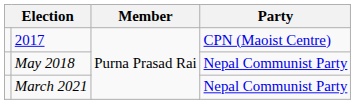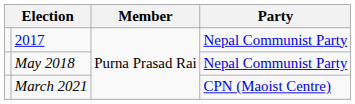 <table class="wikitable">
 <tr>
 <th colspan="2">Election</th>
 <th>Member</th>
 <th>Party</th>
 </tr>
 <tr>
 <td style="background-color:"></td>
 <td><a href='#'>2017</a></td>
 <td rowspan="3">Purna Prasad Rai</td>
-<td><a href='#'>CPN (Maoist Centre)</a></td>
+<td><a href='#'>Nepal Communist Party</a></td>
 </tr>
 <tr>
 <td style="background-color:"></td>
 <td><em>May 2018</em></td>
 <td><a href='#'>Nepal Communist Party</a></td>
 </tr>
 <tr>
 <td style="background-color:"></td>
 <td><em>March 2021</em></td>
-<td><a href='#'>Nepal Communist Party</a></td>
+<td><a href='#'>CPN (Maoist Centre)</a></td>
 </tr>
 </table>
